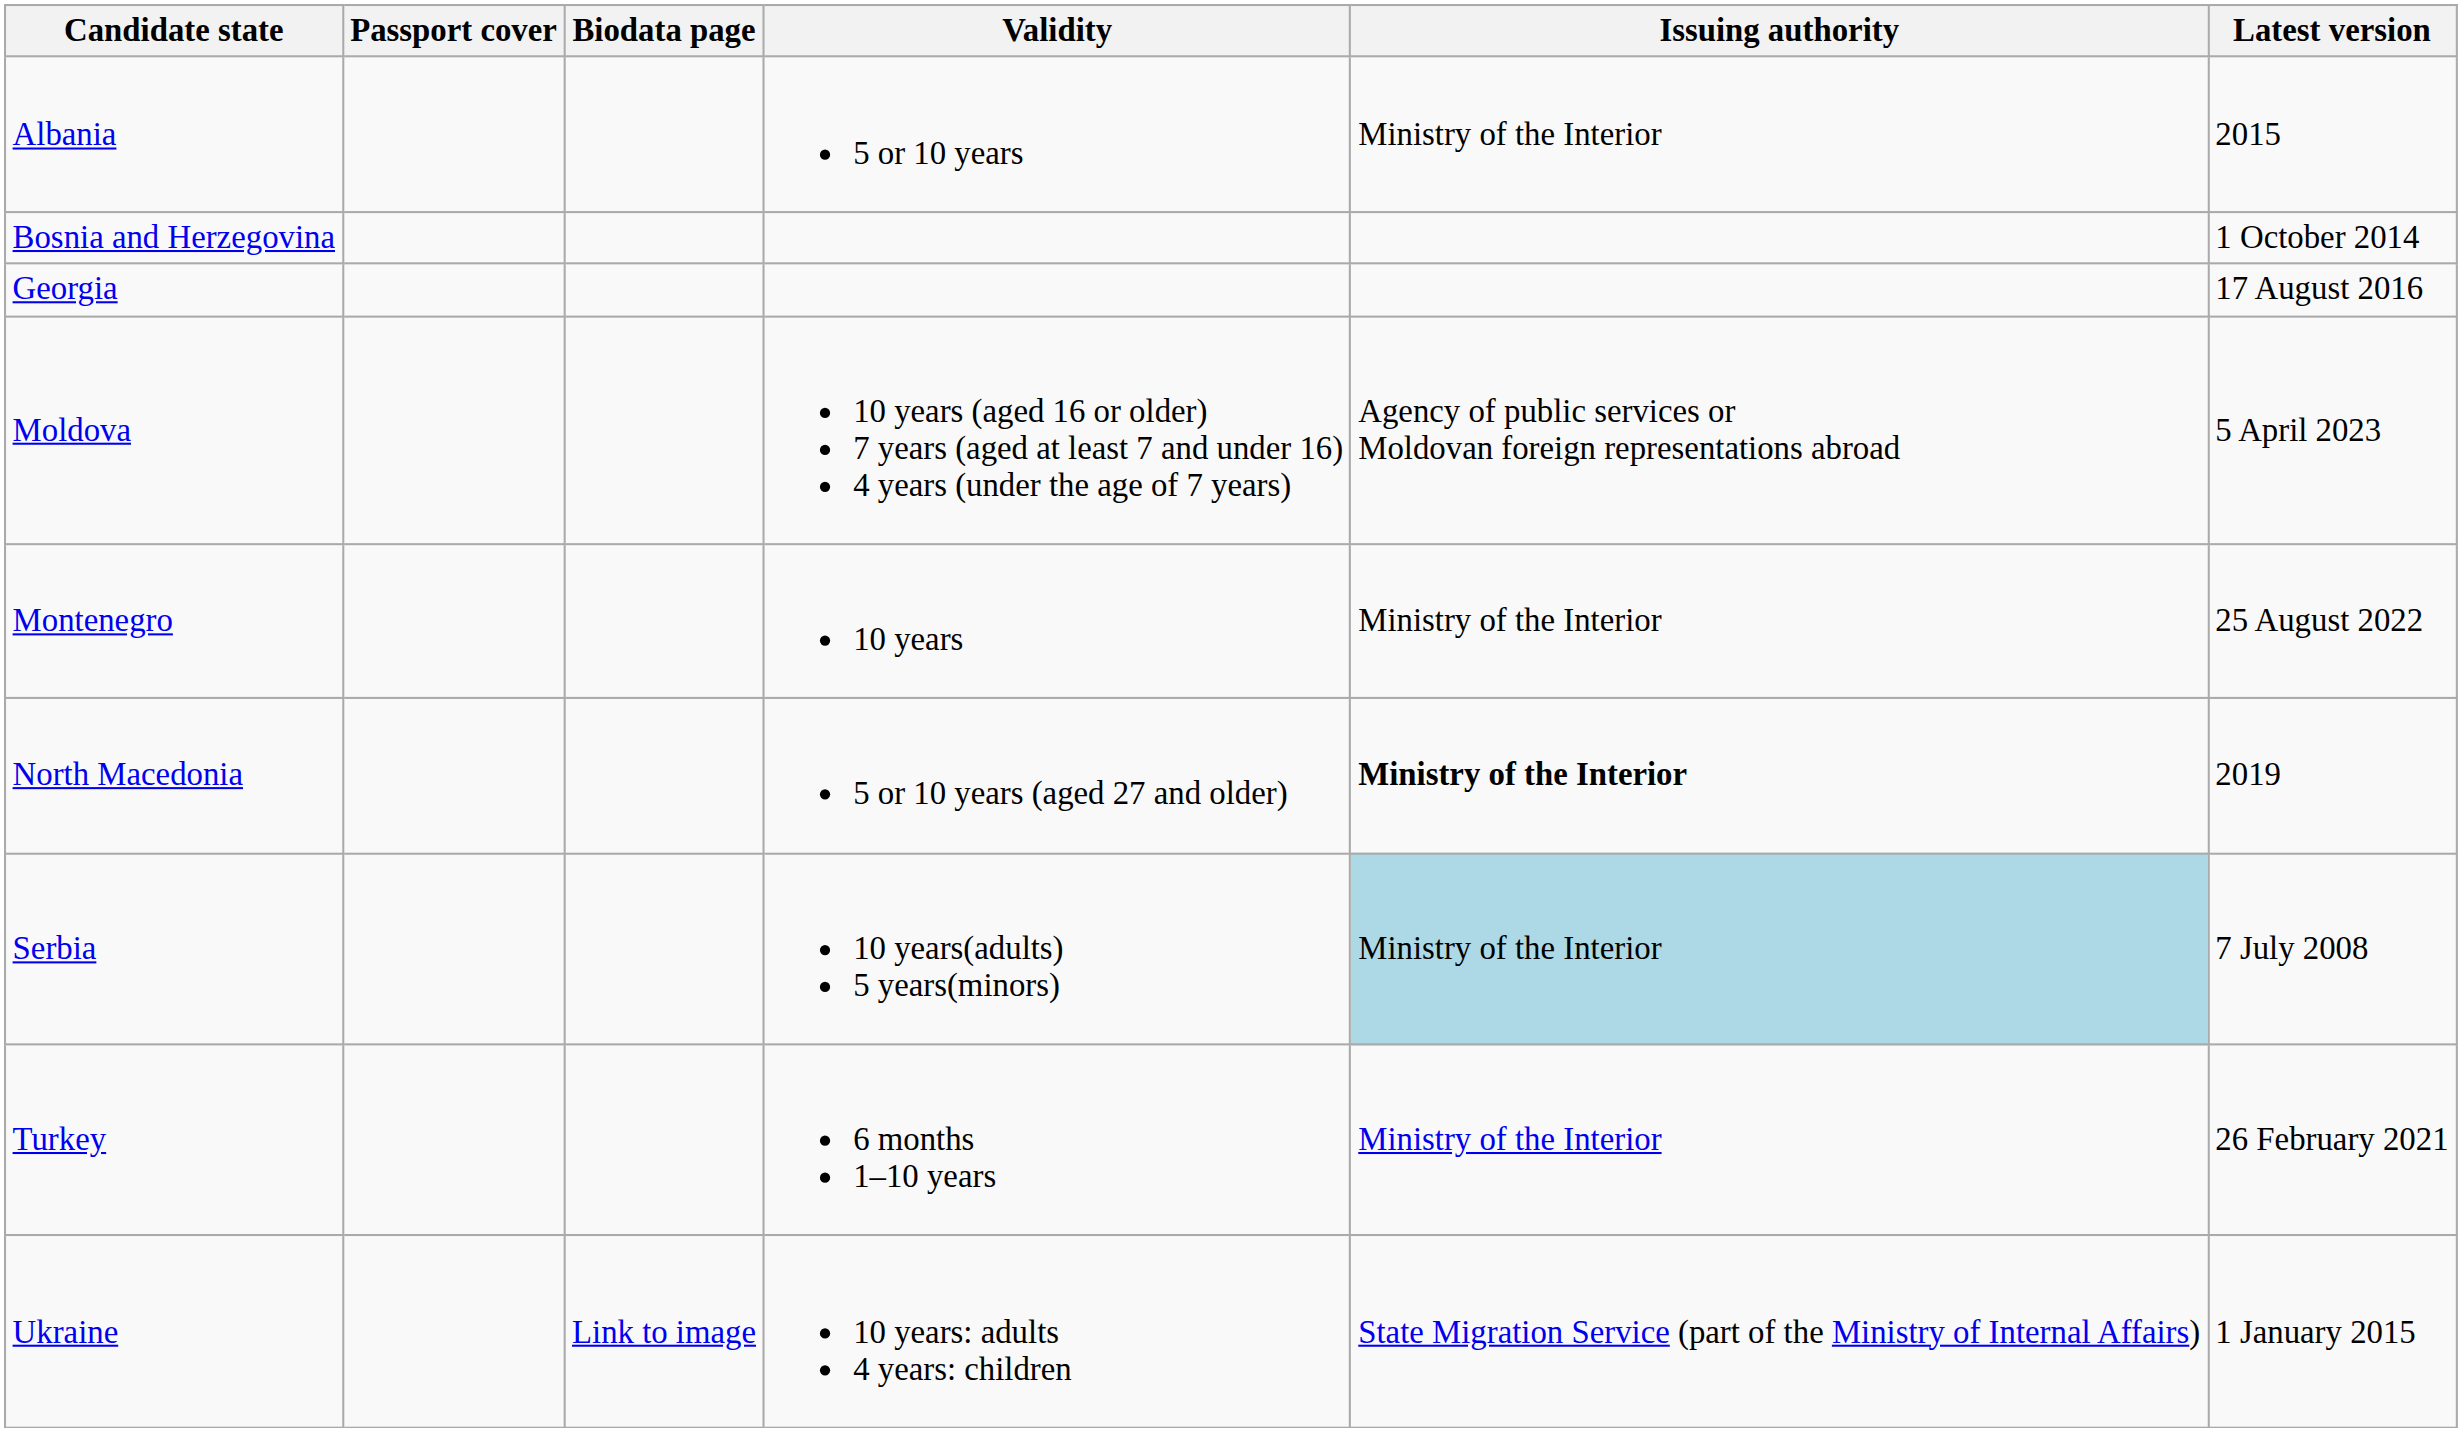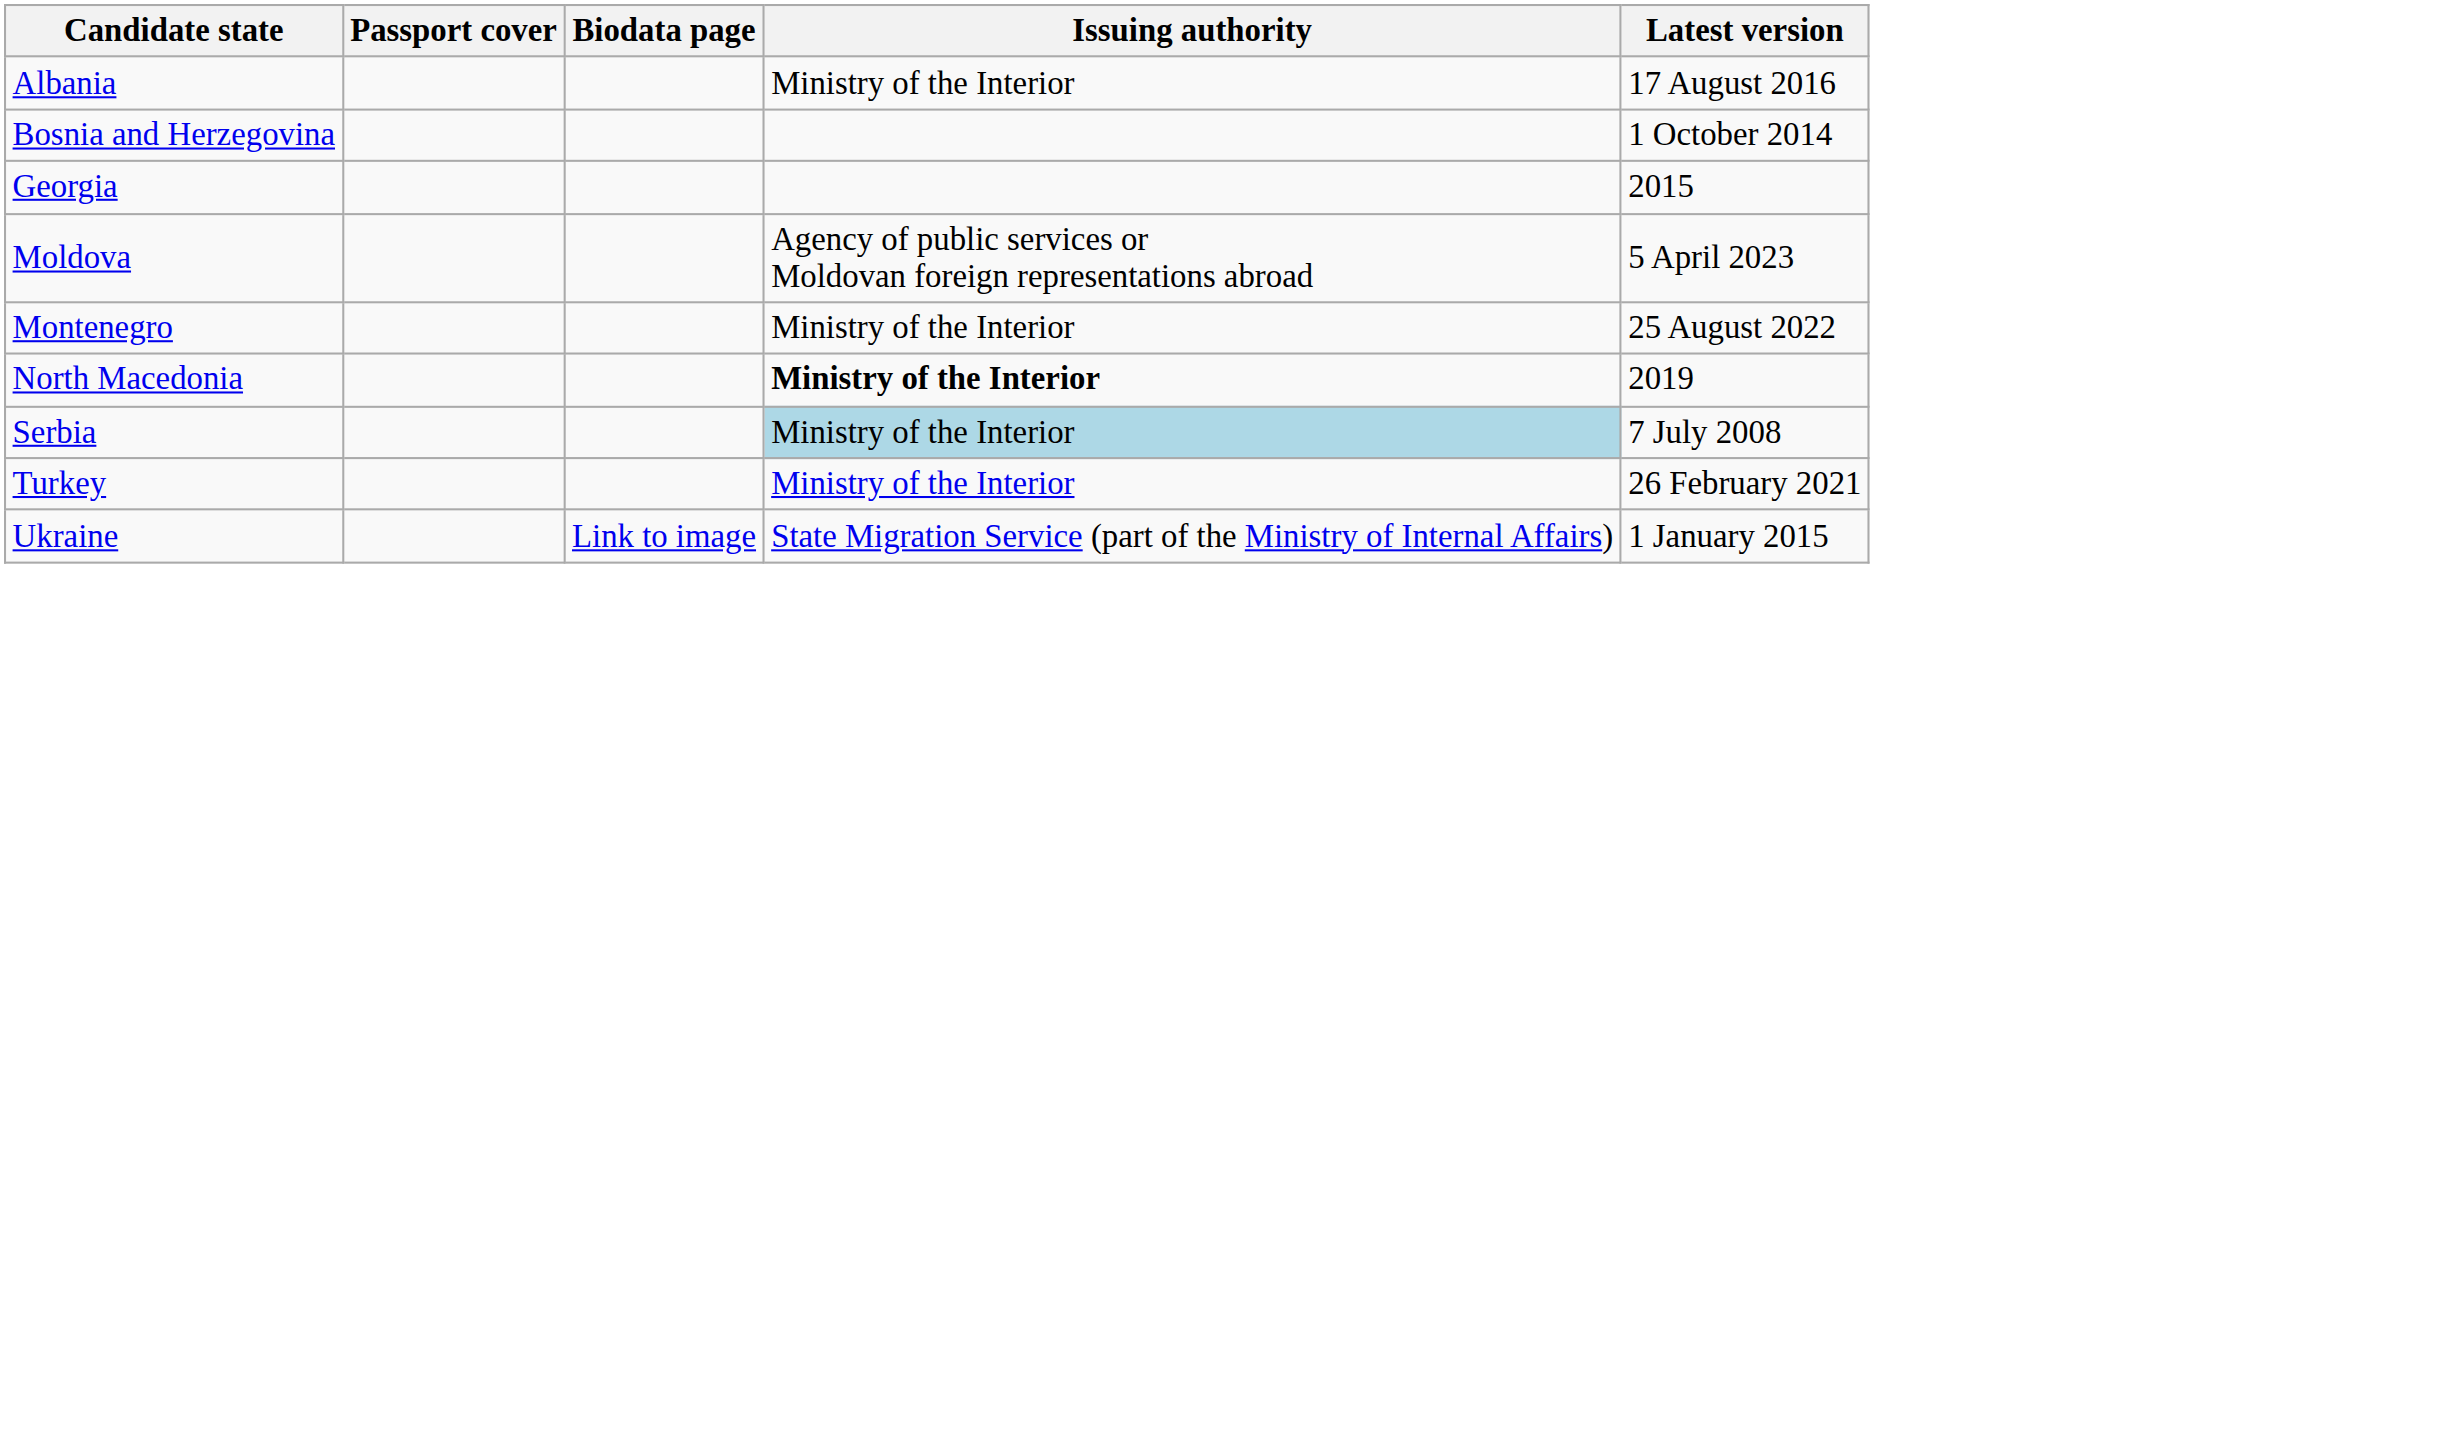 <table class="wikitable">
 <tr>
 <th>Candidate state</th>
 <th>Passport cover</th>
 <th>Biodata page</th>
-<th>Validity</th>
 <th>Issuing authority</th>
 <th>Latest version</th>
 </tr>
 <tr>
 <td> <a href='#'>Albania</a></td>
 <td></td>
 <td></td>
-<td><br><ul><li>5 or 10 years</li></ul></td>
 <td>Ministry of the Interior</td>
-<td>2015</td>
+<td>17 August 2016</td>
 </tr>
 <tr>
 <td> <a href='#'>Bosnia and Herzegovina</a></td>
-<td></td>
 <td></td>
 <td></td>
 <td></td>
 <td>1 October 2014</td>
 </tr>
 <tr>
 <td> <a href='#'>Georgia</a></td>
 <td></td>
 <td></td>
 <td></td>
-<td></td>
-<td>17 August 2016</td>
+<td>2015</td>
 </tr>
 <tr>
 <td> <a href='#'>Moldova</a></td>
 <td></td>
 <td></td>
-<td><br><ul><li>10 years (aged 16 or older)</li><li>7 years (aged at least 7 and under 16)</li><li>4 years (under the age of 7 years)</li></ul></td>
 <td>Agency of public services  or<br>Moldovan foreign representations abroad</td>
 <td>5 April 2023</td>
 </tr>
 <tr>
 <td> <a href='#'>Montenegro</a></td>
 <td></td>
 <td></td>
-<td><br><ul><li>10 years</li></ul></td>
 <td>Ministry of the Interior</td>
 <td>25 August 2022</td>
 </tr>
 <tr>
 <td> <a href='#'>North Macedonia</a></td>
 <td></td>
 <td></td>
-<td><br><ul><li>5 or 10 years (aged 27 and older)</li></ul></td>
 <td><strong>Ministry of the Interior</strong></td>
 <td>2019</td>
 </tr>
 <tr>
 <td> <a href='#'>Serbia</a></td>
 <td></td>
 <td></td>
-<td><br><ul><li>10 years(adults)</li><li>5 years(minors)</li></ul></td>
 <td style="background: lightblue;">Ministry of the Interior</td>
 <td>7 July 2008</td>
 </tr>
 <tr>
 <td> <a href='#'>Turkey</a></td>
 <td></td>
 <td></td>
-<td><br><ul><li>6 months</li><li>1–10 years</li></ul></td>
 <td><a href='#'>Ministry of the Interior</a></td>
 <td>26 February 2021</td>
 </tr>
 <tr>
 <td> <a href='#'>Ukraine</a></td>
 <td></td>
 <td><a href='#'>Link to image</a></td>
-<td><br><ul><li>10 years: adults</li><li>4 years: children</li></ul></td>
 <td><a href='#'>State Migration Service</a> (part of the <a href='#'>Ministry of Internal Affairs</a>)</td>
 <td>1 January 2015</td>
 </tr>
 </table>
